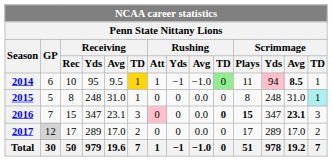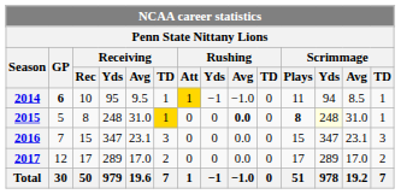 <table class=wikitable style="text-align:center;">
 <tr>
 <th colspan="14" style="background:gray; border:2px solid silver; color:white;">NCAA career statistics</th>
 </tr>
 <tr>
 <th colspan="14">Penn State Nittany Lions</th>
 </tr>
 <tr>
 <th rowspan="2">Season</th>
 <th rowspan="2">GP</th>
 <th colspan="4">Receiving</th>
 <th colspan="4">Rushing</th>
 <th colspan="4">Scrimmage</th>
 </tr>
 <tr>
 <th>Rec</th>
 <th>Yds</th>
 <th>Avg</th>
 <th>TD</th>
 <th>Att</th>
 <th>Yds</th>
 <th>Avg</th>
 <th>TD</th>
 <th>Plays</th>
 <th>Yds</th>
 <th>Avg</th>
 <th>TD</th>
 </tr>
 <tr>
 <th><a href='#'>2014</a></th>
-<td>6</td>
+<td><strong>6</strong></td>
 <td>10</td>
 <td>95</td>
 <td>9.5</td>
+<td>1</td>
 <td style="background: gold;">1</td>
-<td>1</td>
 <td>−1</td>
 <td>−1.0</td>
-<td style="background: lightgreen;">0</td>
+<td>0</td>
 <td>11</td>
-<td style="background: pink;">94</td>
-<td><strong>8.5</strong></td>
+<td>94</td>
+<td>8.5</td>
 <td>1</td>
 </tr>
 <tr>
 <th><a href='#'>2015</a></th>
 <td>5</td>
 <td>8</td>
 <td>248</td>
 <td>31.0</td>
-<td>1</td>
+<td style="background: gold;">1</td>
 <td>0</td>
 <td>0</td>
-<td>0.0</td>
+<td><strong>0.0</strong></td>
 <td>0</td>
-<td>8</td>
-<td>248</td>
+<td><strong>8</strong></td>
+<td style="background: lightyellow;">248</td>
 <td>31.0</td>
-<td style="background: paleturquoise;">1</td>
+<td>1</td>
 </tr>
 <tr>
 <th><a href='#'>2016</a></th>
 <td>7</td>
 <td>15</td>
 <td>347</td>
 <td>23.1</td>
 <td>3</td>
-<td style="background: pink;">0</td>
+<td>0</td>
 <td>0</td>
 <td>0.0</td>
-<td><strong>0</strong></td>
-<td><strong>15</strong></td>
+<td>0</td>
+<td>15</td>
 <td>347</td>
-<td><strong>23.1</strong></td>
+<td>23.1</td>
 <td>3</td>
 </tr>
 <tr>
 <th><a href='#'>2017</a></th>
-<td style="background: lightgrey;">12</td>
+<td>12</td>
 <td>17</td>
 <td>289</td>
 <td>17.0</td>
 <td>2</td>
 <td>0</td>
 <td>0</td>
 <td>0.0</td>
 <td>0</td>
 <td>17</td>
 <td>289</td>
 <td>17.0</td>
 <td>2</td>
 </tr>
 <tr>
 <th>Total</th>
 <th>30</th>
 <th>50</th>
 <th>979</th>
 <th>19.6</th>
 <th>7</th>
 <th>1</th>
 <th>−1</th>
 <th>−1.0</th>
 <th>0</th>
 <th>51</th>
 <th>978</th>
 <th>19.2</th>
 <th>7</th>
 </tr>
 </table>
